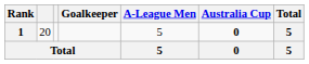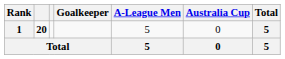 <table class="wikitable" style="text-align:center">
 <tr>
 <th>Rank</th>
 <th></th>
 <th></th>
 <th>Goalkeeper</th>
 <th><a href='#'>A-League Men</a></th>
 <th><a href='#'>Australia Cup</a></th>
 <th>Total</th>
 </tr>
 <tr>
 <th>1</th>
-<td>20</td>
+<td><strong>20</strong></td>
 <td></td>
 <td align="left"></td>
 <td>5</td>
-<td><strong>0</strong></td>
+<td>0</td>
 <th>5</th>
 </tr>
 <tr>
 <th colspan="4">Total</th>
 <th>5</th>
 <th>0</th>
 <th>5</th>
 </tr>
 </table>
